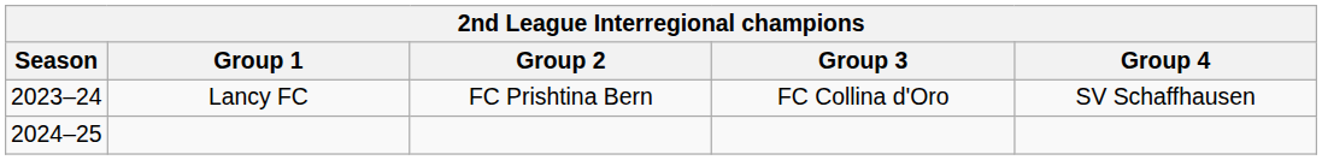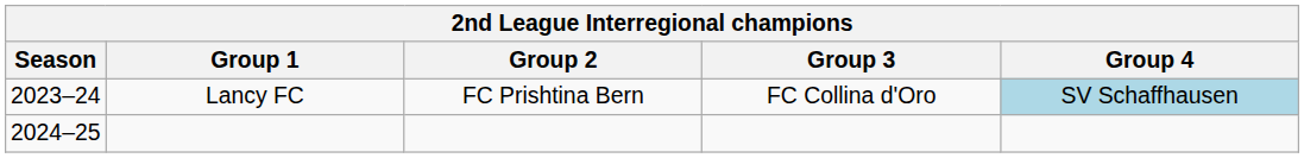 <table class="wikitable" style="text-align:center;">
 <tr>
 <th colspan=5><strong>2nd League Interregional champions</strong></th>
 </tr>
 <tr>
 <th>Season</th>
 <th width=200>Group 1</th>
 <th width=200>Group 2</th>
 <th width=200>Group 3</th>
 <th width=200>Group 4</th>
 </tr>
 <tr>
 <td>2023–24</td>
 <td> Lancy FC</td>
 <td> FC Prishtina Bern</td>
 <td> FC Collina d'Oro</td>
-<td> SV Schaffhausen</td>
+<td style="background: lightblue;"> SV Schaffhausen</td>
 </tr>
 <tr>
 <td>2024–25</td>
 <td></td>
 <td></td>
 <td></td>
 <td></td>
 </tr>
 </table>
